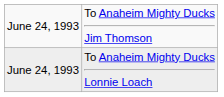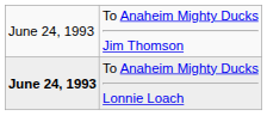 <table class="wikitable">
 <tr>
 <td>June 24, 1993</td>
 <td valign="top">To <a href='#'>Anaheim Mighty Ducks</a><hr><a href='#'>Jim Thomson</a></td>
 </tr>
 <tr style="background:#eee;">
-<td>June 24, 1993</td>
+<td><strong>June 24, 1993</strong></td>
 <td valign="top">To <a href='#'>Anaheim Mighty Ducks</a><hr><a href='#'>Lonnie Loach</a></td>
 </tr>
 </table>
